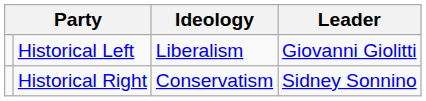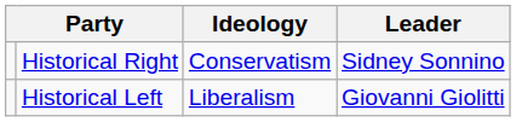 <table class=wikitable style="font-size:100%">
 <tr>
 <th colspan=2>Party</th>
 <th>Ideology</th>
 <th>Leader</th>
 </tr>
 <tr>
 <td style="color:inherit;background:"></td>
+<td><a href='#'>Historical Right</a></td>
+<td><a href='#'>Conservatism</a></td>
+<td><a href='#'>Sidney Sonnino</a></td>
+</tr>
+<tr>
+<td style="color:inherit;background:"></td>
 <td><a href='#'>Historical Left</a></td>
 <td><a href='#'>Liberalism</a></td>
 <td><a href='#'>Giovanni Giolitti</a></td>
 </tr>
-<tr>
-<td style="color:inherit;background:"></td>
-<td><a href='#'>Historical Right</a></td>
-<td><a href='#'>Conservatism</a></td>
-<td><a href='#'>Sidney Sonnino</a></td>
-</tr>
 </table>
